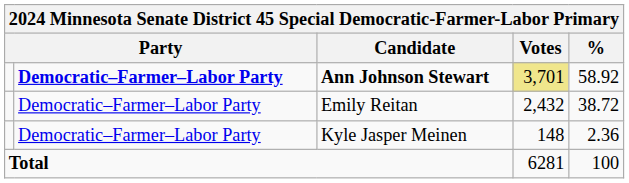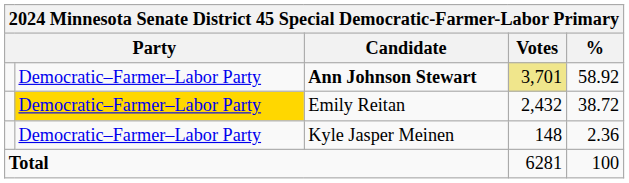 <table class="wikitable">
 <tr>
 <th colspan="6">2024 Minnesota Senate District 45 Special Democratic-Farmer-Labor Primary</th>
 </tr>
 <tr>
 <th colspan="2">Party</th>
 <th>Candidate</th>
 <th>Votes</th>
 <th>%</th>
 </tr>
 <tr>
 <td style="background-color:"></td>
-<td><strong><a href='#'>Democratic–Farmer–Labor Party</a></strong></td>
+<td><a href='#'>Democratic–Farmer–Labor Party</a></td>
 <td><strong>Ann Johnson Stewart</strong></td>
 <td align="right" style="background: khaki;">3,701</td>
 <td align="right">58.92</td>
 </tr>
 <tr>
 <td style="background-color:"></td>
-<td><a href='#'>Democratic–Farmer–Labor Party</a></td>
+<td style="background: gold;"><a href='#'>Democratic–Farmer–Labor Party</a></td>
 <td>Emily Reitan</td>
 <td align="right">2,432</td>
 <td align="right">38.72</td>
 </tr>
 <tr>
 <td style="background-color:"></td>
 <td><a href='#'>Democratic–Farmer–Labor Party</a></td>
 <td>Kyle Jasper Meinen</td>
 <td align="right">148</td>
 <td align="right">2.36</td>
 </tr>
 <tr>
 <td colspan="3"><strong>Total</strong></td>
 <td align="right">6281</td>
 <td align="right">100</td>
 </tr>
 </table>
